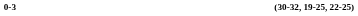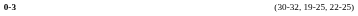 <table width=100% cellspacing=1>
 <tr>
 <th width=20%></th>
 <th width=12%></th>
 <th width=20%></th>
 <th width=33%></th>
 <td></td>
 </tr>
 <tr style=font-size:90%>
 <td align=right></td>
 <td align=center><strong>0-3</strong></td>
 <td></td>
-<td><strong>(30-32, 19-25, 22-25)</strong></td>
+<td>(30-32, 19-25, 22-25)</td>
 </tr>
 </table>
